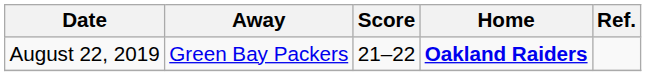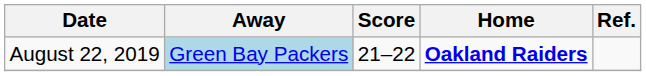 <table class="wikitable" style="text-align:center;">
 <tr>
 <th style="text-align:center;">Date</th>
 <th style="text-align:center;">Away</th>
 <th style="text-align:center;">Score</th>
 <th style="text-align:center;">Home</th>
 <th style="text-align:center;">Ref.</th>
 </tr>
 <tr>
 <td>August 22, 2019</td>
-<td><a href='#'>Green Bay Packers</a></td>
+<td style="background: lightblue;"><a href='#'>Green Bay Packers</a></td>
 <td>21–22</td>
 <td><strong><a href='#'>Oakland Raiders</a></strong></td>
 <td></td>
 </tr>
 <tr>
 </tr>
 </table>
